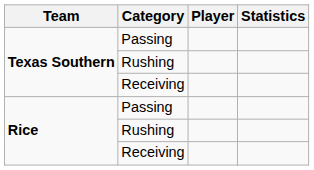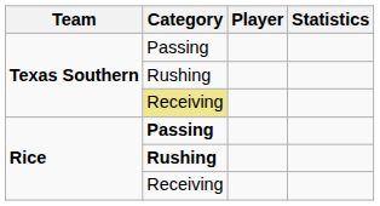 <table class="wikitable" style="float: left;">
 <tr>
 <th>Team</th>
 <th>Category</th>
 <th>Player</th>
 <th>Statistics</th>
 </tr>
 <tr>
 <td rowspan=3><strong>Texas Southern</strong></td>
 <td>Passing</td>
 <td> </td>
 <td> </td>
 </tr>
 <tr>
 <td>Rushing</td>
 <td> </td>
 <td> </td>
 </tr>
 <tr>
-<td>Receiving</td>
+<td style="background: khaki;">Receiving</td>
 <td> </td>
 <td> </td>
 </tr>
 <tr>
 <td rowspan=3><strong>Rice</strong></td>
-<td>Passing</td>
+<td><strong>Passing</strong></td>
 <td> </td>
 <td> </td>
 </tr>
 <tr>
-<td>Rushing</td>
+<td><strong>Rushing</strong></td>
 <td> </td>
 <td> </td>
 </tr>
 <tr>
 <td>Receiving</td>
 <td> </td>
 <td> </td>
 </tr>
 </table>
